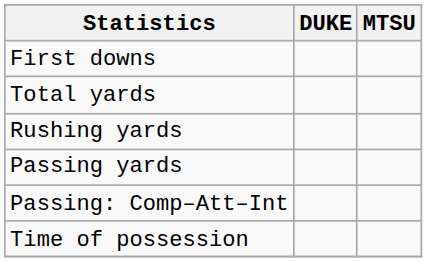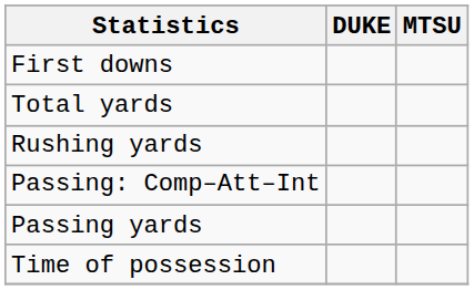 <table class="wikitable" style="float: left;">
 <tr>
 <th>Statistics</th>
 <th>DUKE</th>
 <th>MTSU</th>
 </tr>
 <tr>
 <td>First downs</td>
 <td></td>
 <td></td>
 </tr>
 <tr>
 <td>Total yards</td>
 <td></td>
 <td></td>
 </tr>
 <tr>
 <td>Rushing yards</td>
 <td></td>
 <td></td>
 </tr>
 <tr>
-<td>Passing yards</td>
+<td>Passing: Comp–Att–Int</td>
 <td></td>
 <td></td>
 </tr>
 <tr>
-<td>Passing: Comp–Att–Int</td>
+<td>Passing yards</td>
 <td></td>
 <td></td>
 </tr>
 <tr>
 <td>Time of possession</td>
 <td></td>
 <td></td>
 </tr>
 <tr>
 </tr>
 </table>
